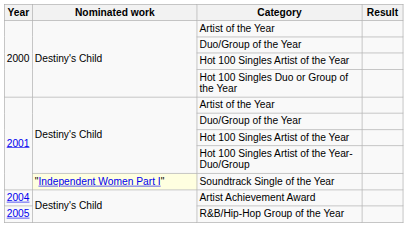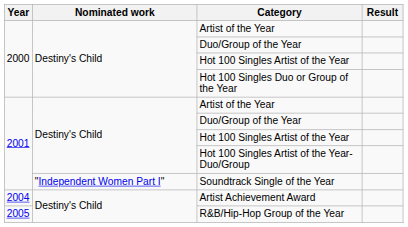 <table class="wikitable" width="100%">
 <tr>
 <th width="5%">Year</th>
 <th width="40%">Nominated work</th>
 <th width="40%">Category</th>
 <th width="10%">Result</th>
 </tr>
 <tr>
 <td rowspan="4">2000</td>
 <td rowspan="4">Destiny's Child</td>
 <td>Artist of the Year</td>
 <td></td>
 </tr>
 <tr>
 <td>Duo/Group of the Year</td>
 <td></td>
 </tr>
 <tr>
 <td>Hot 100 Singles Artist of the Year</td>
 <td></td>
 </tr>
 <tr>
 <td>Hot 100 Singles Duo or Group of the Year</td>
 <td></td>
 </tr>
 <tr>
 <td rowspan="5"><a href='#'>2001</a></td>
 <td rowspan="4">Destiny's Child</td>
 <td>Artist of the Year</td>
 <td></td>
 </tr>
 <tr>
 <td>Duo/Group of the Year</td>
 <td></td>
 </tr>
 <tr>
 <td>Hot 100 Singles Artist of the Year</td>
 <td></td>
 </tr>
 <tr>
 <td>Hot 100 Singles Artist of the Year- Duo/Group</td>
 <td></td>
 </tr>
 <tr>
-<td style="background: lightyellow;">"<a href='#'>Independent Women Part I</a>"</td>
+<td>"<a href='#'>Independent Women Part I</a>"</td>
 <td>Soundtrack Single of the Year</td>
 <td></td>
 </tr>
 <tr>
 <td><a href='#'>2004</a></td>
 <td rowspan="2">Destiny's Child</td>
 <td>Artist Achievement Award</td>
 <td></td>
 </tr>
 <tr>
 <td><a href='#'>2005</a></td>
 <td>R&B/Hip-Hop Group of the Year</td>
 <td></td>
 </tr>
 </table>
